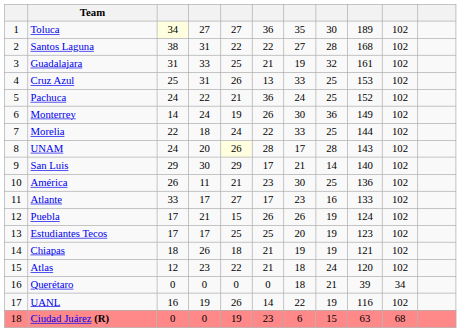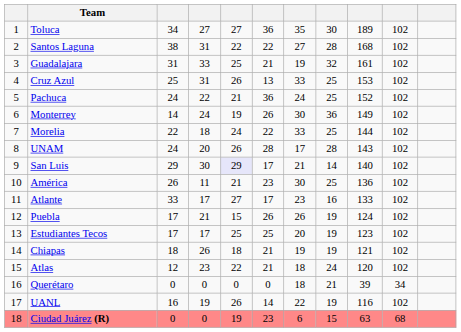 <table class="wikitable sortable">
 <tr>
 <th width=28><br></th>
 <th width=185>Team</th>
 <th width=40></th>
 <th width=40></th>
 <th width=40></th>
 <th width=40></th>
 <th width=40></th>
 <th width=40></th>
 <th width=45></th>
 <th width=45></th>
 <th width=50><br></th>
 </tr>
 <tr style="text-align:center;">
 <td>1</td>
 <td align=left><a href='#'>Toluca</a></td>
-<td style="background: lightyellow;">34</td>
+<td>34</td>
 <td>27</td>
 <td>27</td>
 <td>36</td>
 <td>35</td>
 <td>30</td>
 <td>189</td>
 <td>102</td>
 <td><strong></strong></td>
 </tr>
 <tr style="text-align:center;">
 <td>2</td>
 <td align=left><a href='#'>Santos Laguna</a></td>
 <td>38</td>
 <td>31</td>
 <td>22</td>
 <td>22</td>
 <td>27</td>
 <td>28</td>
 <td>168</td>
 <td>102</td>
 <td><strong></strong></td>
 </tr>
 <tr style="text-align:center;">
 <td>3</td>
 <td align=left><a href='#'>Guadalajara</a></td>
 <td>31</td>
 <td>33</td>
 <td>25</td>
 <td>21</td>
 <td>19</td>
 <td>32</td>
 <td>161</td>
 <td>102</td>
 <td><strong></strong></td>
 </tr>
 <tr style="text-align:center;">
 <td>4</td>
 <td align=left><a href='#'>Cruz Azul</a></td>
 <td>25</td>
 <td>31</td>
 <td>26</td>
 <td>13</td>
 <td>33</td>
 <td>25</td>
 <td>153</td>
 <td>102</td>
 <td><strong></strong></td>
 </tr>
 <tr style="text-align:center;">
 <td>5</td>
 <td align=left><a href='#'>Pachuca</a></td>
 <td>24</td>
 <td>22</td>
 <td>21</td>
 <td>36</td>
 <td>24</td>
 <td>25</td>
 <td>152</td>
 <td>102</td>
 <td><strong></strong></td>
 </tr>
 <tr style="text-align:center;">
 <td>6</td>
 <td align=left><a href='#'>Monterrey</a></td>
 <td>14</td>
 <td>24</td>
 <td>19</td>
 <td>26</td>
 <td>30</td>
 <td>36</td>
 <td>149</td>
 <td>102</td>
 <td><strong></strong></td>
 </tr>
 <tr style="text-align:center;">
 <td>7</td>
 <td align=left><a href='#'>Morelia</a></td>
 <td>22</td>
 <td>18</td>
 <td>24</td>
 <td>22</td>
 <td>33</td>
 <td>25</td>
 <td>144</td>
 <td>102</td>
 <td><strong></strong></td>
 </tr>
 <tr style="text-align:center;">
 <td>8</td>
 <td align=left><a href='#'>UNAM</a></td>
 <td>24</td>
 <td>20</td>
-<td style="background: lightyellow;">26</td>
+<td>26</td>
 <td>28</td>
 <td>17</td>
 <td>28</td>
 <td>143</td>
 <td>102</td>
 <td><strong></strong></td>
 </tr>
 <tr style="text-align:center;">
 <td>9</td>
 <td align=left><a href='#'>San Luis</a></td>
 <td>29</td>
 <td>30</td>
-<td>29</td>
+<td style="background: lavender;">29</td>
 <td>17</td>
 <td>21</td>
 <td>14</td>
 <td>140</td>
 <td>102</td>
 <td><strong></strong></td>
 </tr>
 <tr style="text-align:center;">
 <td>10</td>
 <td align=left><a href='#'>América</a></td>
 <td>26</td>
 <td>11</td>
 <td>21</td>
 <td>23</td>
 <td>30</td>
 <td>25</td>
 <td>136</td>
 <td>102</td>
 <td><strong></strong></td>
 </tr>
 <tr style="text-align:center;">
 <td>11</td>
 <td align=left><a href='#'>Atlante</a></td>
 <td>33</td>
 <td>17</td>
 <td>27</td>
 <td>17</td>
 <td>23</td>
 <td>16</td>
 <td>133</td>
 <td>102</td>
 <td><strong></strong></td>
 </tr>
 <tr style="text-align:center;">
 <td>12</td>
 <td align=left><a href='#'>Puebla</a></td>
 <td>17</td>
 <td>21</td>
 <td>15</td>
 <td>26</td>
 <td>26</td>
 <td>19</td>
 <td>124</td>
 <td>102</td>
 <td><strong></strong></td>
 </tr>
 <tr style="text-align:center;">
 <td>13</td>
 <td align=left><a href='#'>Estudiantes Tecos</a></td>
 <td>17</td>
 <td>17</td>
 <td>25</td>
 <td>25</td>
 <td>20</td>
 <td>19</td>
 <td>123</td>
 <td>102</td>
 <td><strong></strong></td>
 </tr>
 <tr style="text-align:center;">
 <td>14</td>
 <td align=left><a href='#'>Chiapas</a></td>
 <td>18</td>
 <td>26</td>
 <td>18</td>
 <td>21</td>
 <td>19</td>
 <td>19</td>
 <td>121</td>
 <td>102</td>
 <td><strong></strong></td>
 </tr>
 <tr style="text-align:center;">
 <td>15</td>
 <td align=left><a href='#'>Atlas</a></td>
 <td>12</td>
 <td>23</td>
 <td>22</td>
 <td>21</td>
 <td>18</td>
 <td>24</td>
 <td>120</td>
 <td>102</td>
 <td><strong></strong></td>
 </tr>
 <tr style="text-align:center;">
 <td>16</td>
 <td align=left><a href='#'>Querétaro</a></td>
 <td>0</td>
 <td>0</td>
 <td>0</td>
 <td>0</td>
 <td>18</td>
 <td>21</td>
 <td>39</td>
 <td>34</td>
 <td><strong></strong></td>
 </tr>
 <tr style="text-align:center;">
 <td>17</td>
 <td align=left><a href='#'>UANL</a></td>
 <td>16</td>
 <td>19</td>
 <td>26</td>
 <td>14</td>
 <td>22</td>
 <td>19</td>
 <td>116</td>
 <td>102</td>
 <td><strong></strong></td>
 </tr>
 <tr style="text-align:center; background:#ff8888;">
 <td>18</td>
 <td align=left><a href='#'>Ciudad Juárez</a> <strong>(R)</strong></td>
 <td>0</td>
 <td>0</td>
 <td>19</td>
 <td>23</td>
 <td>6</td>
 <td>15</td>
 <td>63</td>
 <td>68</td>
 <td><strong></strong></td>
 </tr>
 </table>
